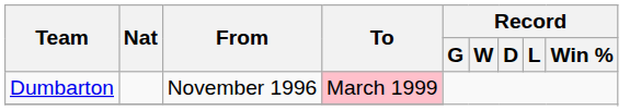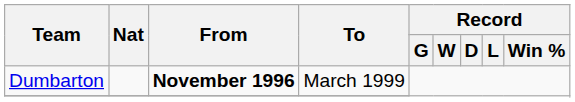 <table class="wikitable" style="text-align: center">
 <tr>
 <th rowspan="2">Team</th>
 <th rowspan="2">Nat</th>
 <th rowspan="2">From</th>
 <th rowspan="2">To</th>
 <th colspan="5">Record</th>
 </tr>
 <tr>
 <th>G</th>
 <th>W</th>
 <th>D</th>
 <th>L</th>
 <th>Win %</th>
 </tr>
 <tr>
 <td align=left><a href='#'>Dumbarton</a></td>
 <td></td>
-<td align=left>November 1996</td>
-<td align=left style="background: pink;">March 1999<br></td>
+<td align=left><strong>November 1996</strong></td>
+<td align=left>March 1999<br></td>
 </tr>
 <tr>
 </tr>
 </table>
